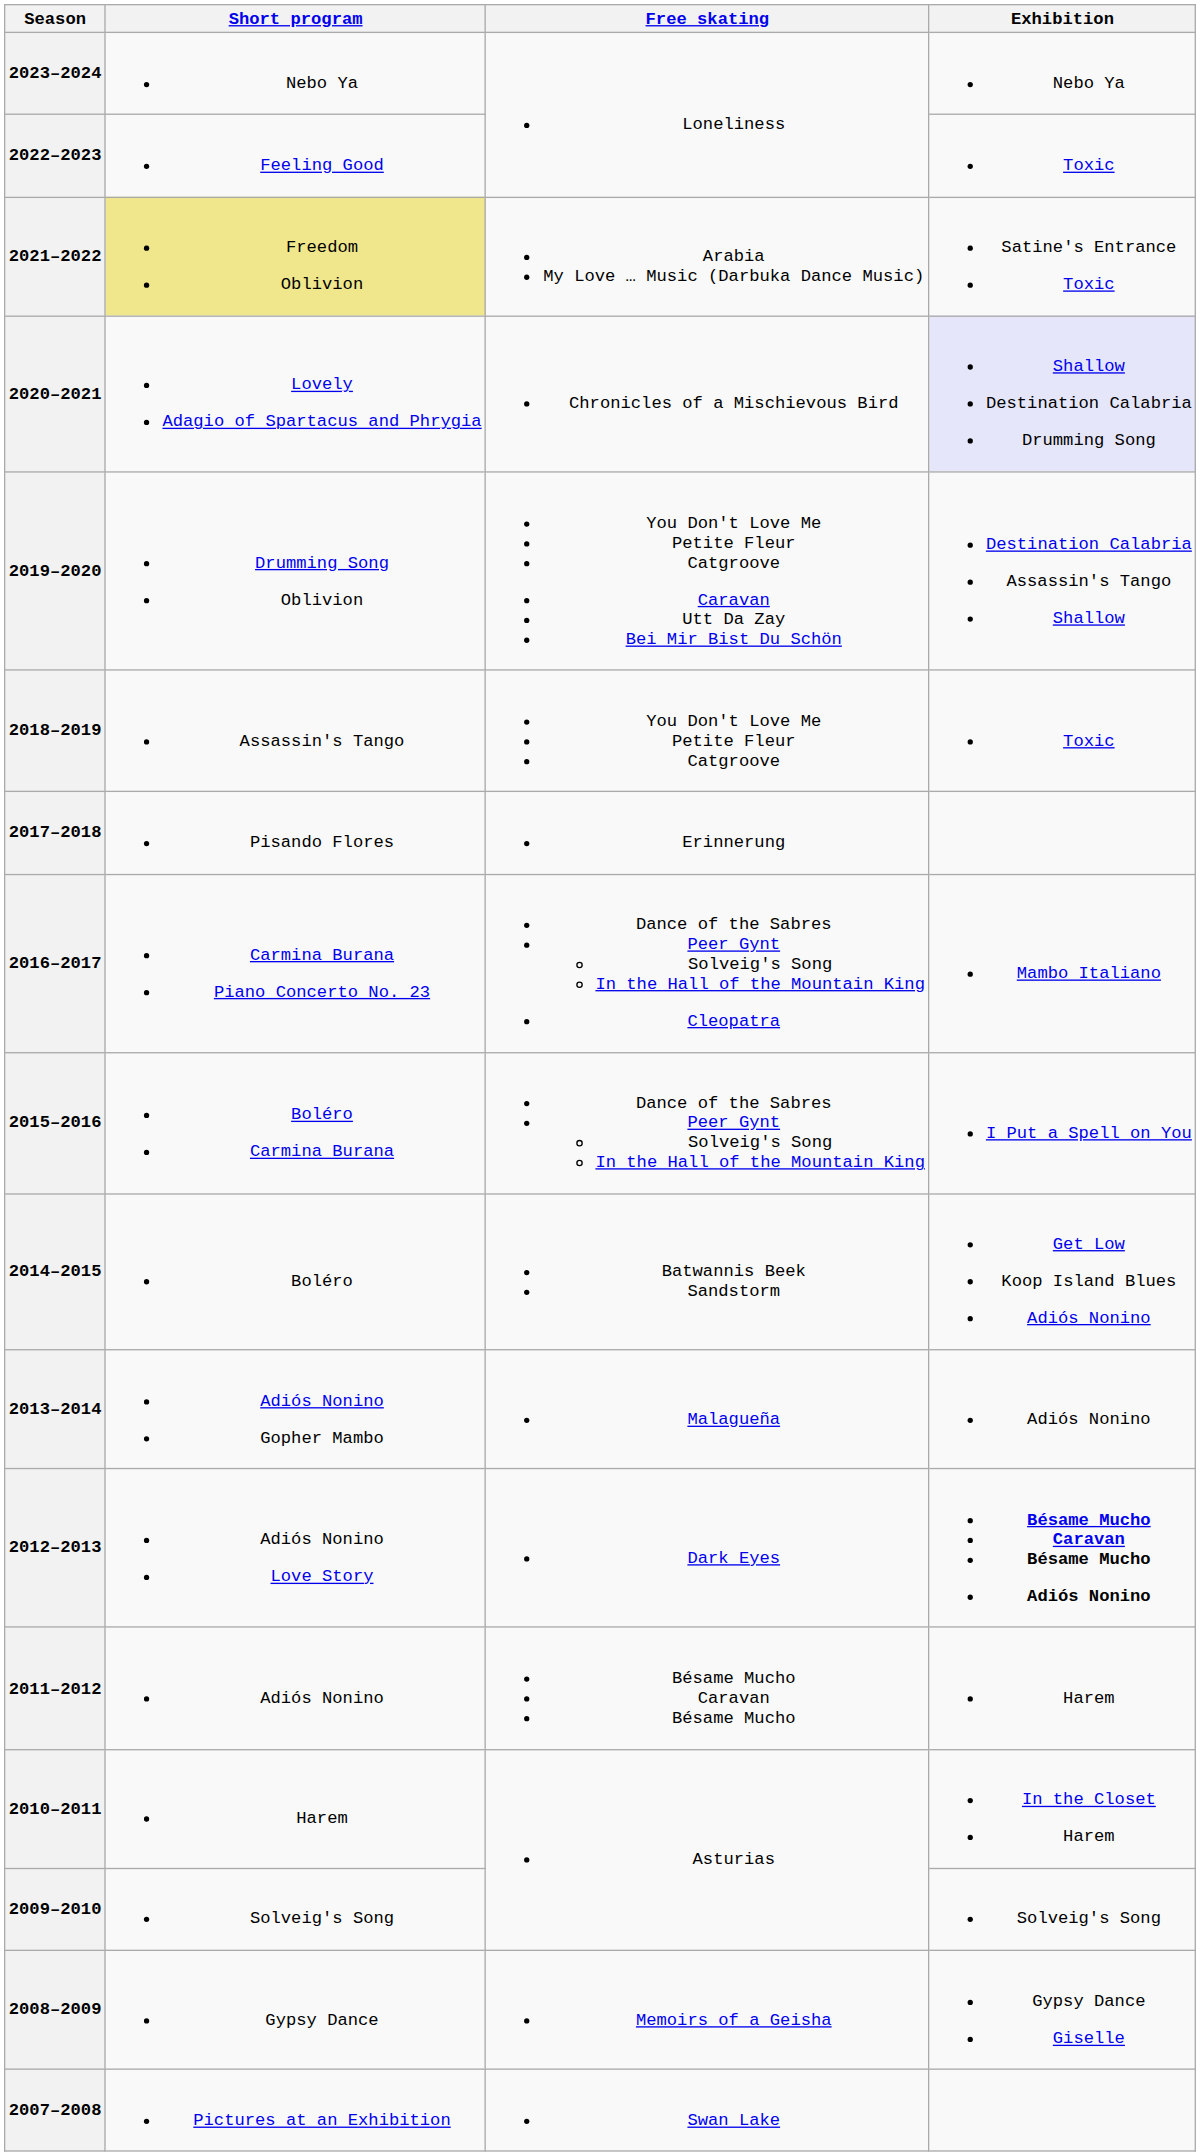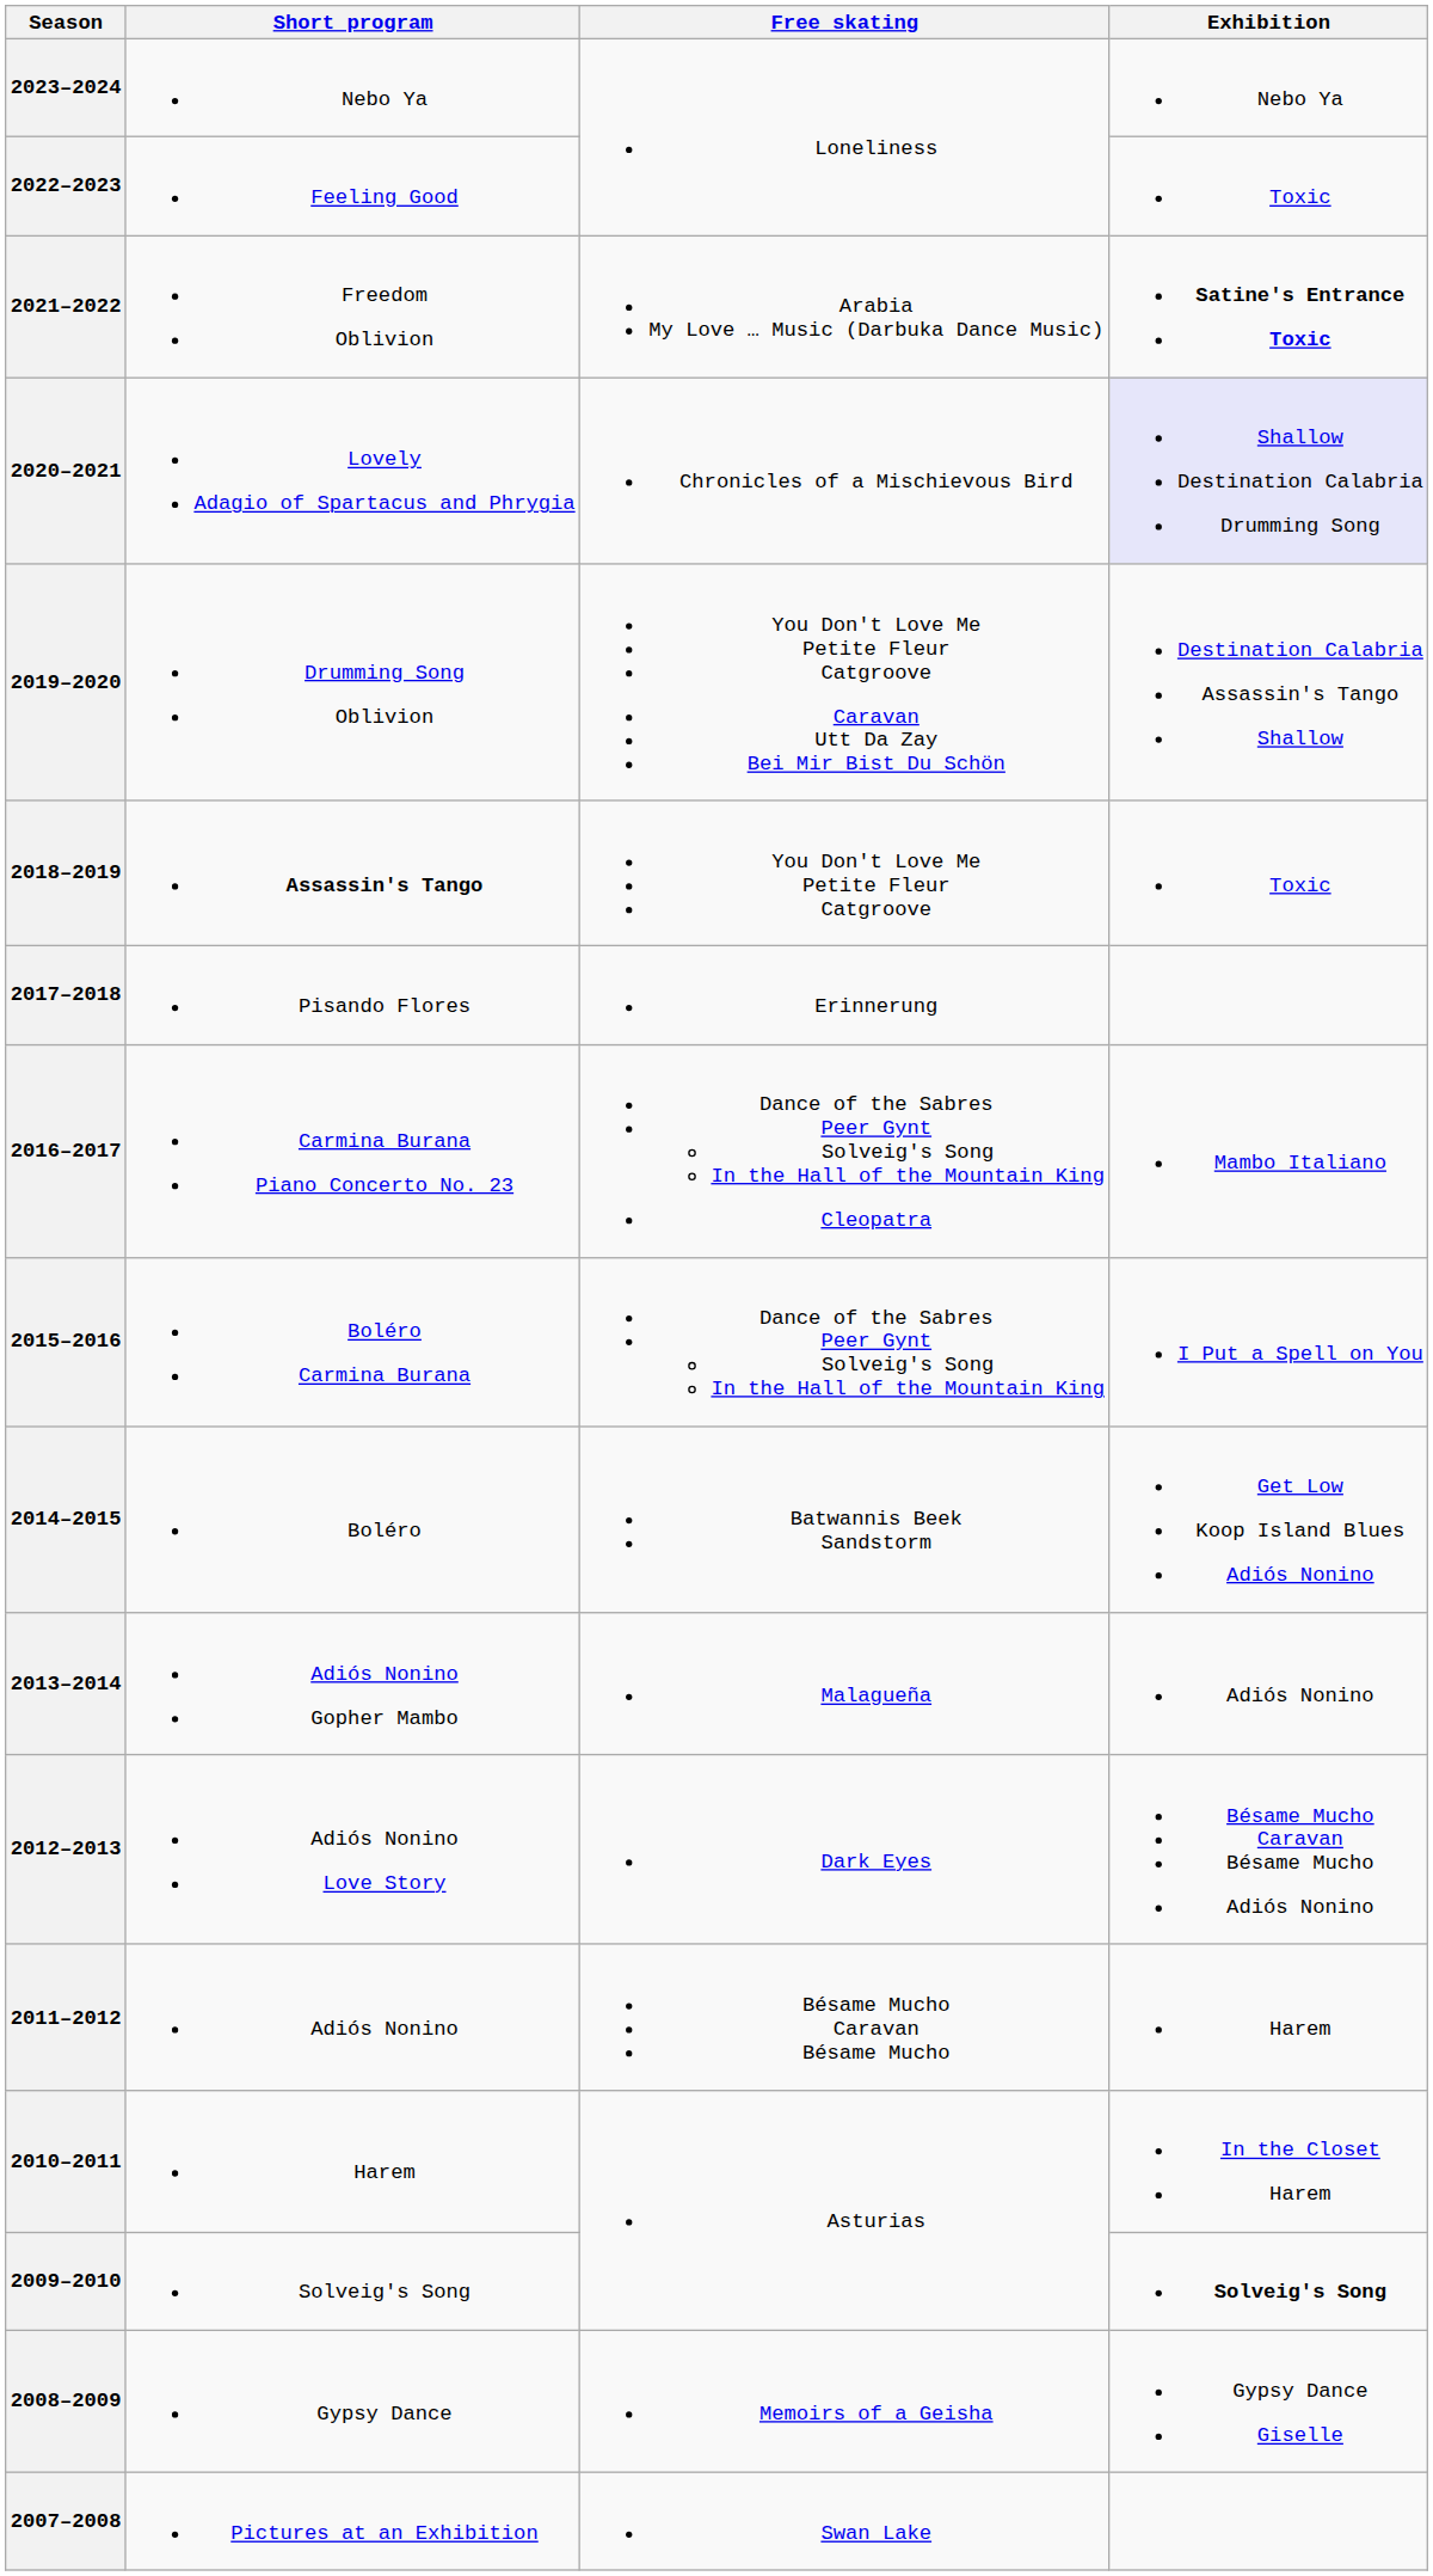 <table class="wikitable" style="text-align:center">
 <tr>
 <th>Season</th>
 <th><a href='#'>Short program</a></th>
 <th><a href='#'>Free skating</a></th>
 <th>Exhibition</th>
 </tr>
 <tr>
 <th>2023–2024</th>
 <td><br><ul><li>Nebo Ya <br> </li></ul></td>
 <td rowspan="2"><br><ul><li>Loneliness <br> </li></ul></td>
 <td><br><ul><li>Nebo Ya <br> </li></ul></td>
 </tr>
 <tr>
 <th>2022–2023</th>
 <td><br><ul><li><a href='#'>Feeling Good</a> <br> </li></ul></td>
 <td><br><ul><li><a href='#'>Toxic</a><br> </li></ul></td>
 </tr>
 <tr>
 <th>2021–2022 <br> </th>
-<td style="background: khaki;"><br><ul><li>Freedom<br></li></ul><ul><li>Oblivion <br></li></ul></td>
+<td><br><ul><li>Freedom<br></li></ul><ul><li>Oblivion <br></li></ul></td>
 <td><br><ul><li>Arabia <br></li><li>My Love … Music (Darbuka Dance Music) <br> </li></ul></td>
-<td><br><ul><li>Satine's Entrance <br> </li></ul><ul><li><a href='#'>Toxic</a><br> </li></ul></td>
+<td><strong><br><ul><li>Satine's Entrance <br> </li></ul><ul><li><a href='#'>Toxic</a><br> </li></ul></strong></td>
 </tr>
 <tr>
 <th>2020–2021 <br> </th>
 <td><br><ul><li><a href='#'>Lovely</a> <br> </li></ul><ul><li><a href='#'>Adagio of Spartacus and Phrygia</a> <br> </li></ul></td>
 <td><br><ul><li>Chronicles of a Mischievous Bird <br> </li></ul></td>
 <td style="background: lavender;"><br><ul><li><a href='#'>Shallow</a> <br> </li></ul><ul><li>Destination Calabria <br> </li></ul><ul><li>Drumming Song <br> </li></ul></td>
 </tr>
 <tr>
 <th>2019–2020 <br> </th>
 <td><br><ul><li><a href='#'>Drumming Song</a> <br> </li></ul><ul><li>Oblivion <br> </li></ul></td>
 <td><br><ul><li>You Don't Love Me <br></li><li>Petite Fleur <br></li><li>Catgroove <br></li></ul><ul><li><a href='#'>Caravan</a> <br> </li><li>Utt Da Zay <br> </li><li><a href='#'>Bei Mir Bist Du Schön</a> <br> </li></ul></td>
 <td><br><ul><li><a href='#'>Destination Calabria</a> <br> </li></ul><ul><li>Assassin's Tango <br></li></ul><ul><li><a href='#'>Shallow</a> <br> </li></ul></td>
 </tr>
 <tr>
 <th>2018–2019 <br> </th>
-<td><br><ul><li>Assassin's Tango <br></li></ul></td>
+<td><strong><br><ul><li>Assassin's Tango <br></li></ul></strong></td>
 <td><br><ul><li>You Don't Love Me <br></li><li>Petite Fleur <br></li><li>Catgroove <br></li></ul></td>
 <td><br><ul><li><a href='#'>Toxic</a> <br> </li></ul></td>
 </tr>
 <tr>
 <th>2017–2018 <br> </th>
 <td><br><ul><li>Pisando Flores <br></li></ul></td>
 <td><br><ul><li>Erinnerung <br></li></ul></td>
 <td></td>
 </tr>
 <tr>
 <th>2016–2017 <br> </th>
 <td><br><ul><li><a href='#'>Carmina Burana</a> <br> </li></ul><ul><li><a href='#'>Piano Concerto No. 23</a> <br> </li></ul></td>
 <td><br><ul><li>Dance of the Sabres <br> </li><li><a href='#'>Peer Gynt</a> <br> <ul><li>Solveig's Song</li><li><a href='#'>In the Hall of the Mountain King</a> <br> </li></ul></li></ul><ul><li><a href='#'>Cleopatra</a> <br> </li></ul></td>
 <td><br><ul><li><a href='#'>Mambo Italiano</a> <br> </li></ul></td>
 </tr>
 <tr>
 <th>2015–2016 <br> </th>
 <td><br><ul><li><a href='#'>Boléro</a> <br> </li></ul><ul><li><a href='#'>Carmina Burana</a> <br> </li></ul></td>
 <td><br><ul><li>Dance of the Sabres <br> </li><li><a href='#'>Peer Gynt</a> <br> <ul><li>Solveig's Song</li><li><a href='#'>In the Hall of the Mountain King</a> <br> </li></ul></li></ul></td>
 <td><br><ul><li><a href='#'>I Put a Spell on You</a> <br> </li></ul></td>
 </tr>
 <tr>
 <th>2014–2015<br></th>
 <td><br><ul><li>Boléro <br> </li></ul></td>
 <td><br><ul><li>Batwannis Beek <br> </li><li>Sandstorm <br> </li></ul></td>
 <td><br><ul><li><a href='#'>Get Low</a> <br> </li></ul><ul><li>Koop Island Blues <br> </li></ul><ul><li><a href='#'>Adiós Nonino</a> <br> </li></ul></td>
 </tr>
 <tr>
 <th>2013–2014<br></th>
 <td><br><ul><li><a href='#'>Adiós Nonino</a> <br> </li></ul><ul><li>Gopher Mambo <br> </li></ul></td>
 <td><br><ul><li><a href='#'>Malagueña</a> <br> </li></ul></td>
 <td><br><ul><li>Adiós Nonino <br> </li></ul></td>
 </tr>
 <tr>
 <th>2012–2013</th>
 <td><br><ul><li>Adiós Nonino <br> </li></ul><ul><li><a href='#'>Love Story</a> <br> </li></ul></td>
 <td><br><ul><li><a href='#'>Dark Eyes</a> <br> </li></ul></td>
-<td><strong><br><ul><li><a href='#'>Bésame Mucho</a> <br> </li><li><a href='#'>Caravan</a> <br> </li><li>Bésame Mucho <br> </li></ul><ul><li>Adiós Nonino <br> </li></ul></strong></td>
+<td><br><ul><li><a href='#'>Bésame Mucho</a> <br> </li><li><a href='#'>Caravan</a> <br> </li><li>Bésame Mucho <br> </li></ul><ul><li>Adiós Nonino <br> </li></ul></td>
 </tr>
 <tr>
 <th>2011–2012</th>
 <td><br><ul><li>Adiós Nonino <br> </li></ul></td>
 <td><br><ul><li>Bésame Mucho <br> </li><li>Caravan <br> </li><li>Bésame Mucho <br> </li></ul></td>
 <td><br><ul><li>Harem <br> </li></ul></td>
 </tr>
 <tr>
 <th>2010–2011</th>
 <td><br><ul><li>Harem <br> </li></ul></td>
 <td rowspan="2"><br><ul><li>Asturias <br> </li></ul></td>
 <td><br><ul><li><a href='#'>In the Closet</a> <br> </li></ul><ul><li>Harem <br> </li></ul></td>
 </tr>
 <tr>
 <th>2009–2010</th>
 <td><br><ul><li>Solveig's Song <br> </li></ul></td>
-<td><br><ul><li>Solveig's Song <br> </li></ul></td>
+<td><strong><br><ul><li>Solveig's Song <br> </li></ul></strong></td>
 </tr>
 <tr>
 <th>2008–2009</th>
 <td><br><ul><li>Gypsy Dance <br> </li></ul></td>
 <td><br><ul><li><a href='#'>Memoirs of a Geisha</a> <br> </li></ul></td>
 <td><br><ul><li>Gypsy Dance <br> </li></ul><ul><li><a href='#'>Giselle</a> <br> </li></ul></td>
 </tr>
 <tr>
 <th>2007–2008</th>
 <td><br><ul><li><a href='#'>Pictures at an Exhibition</a> <br> </li></ul></td>
 <td><br><ul><li><a href='#'>Swan Lake</a> <br> </li></ul></td>
 <td></td>
 </tr>
 </table>
